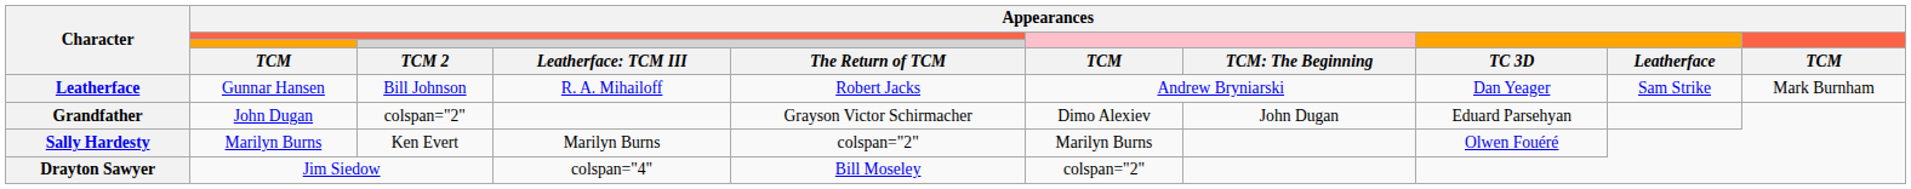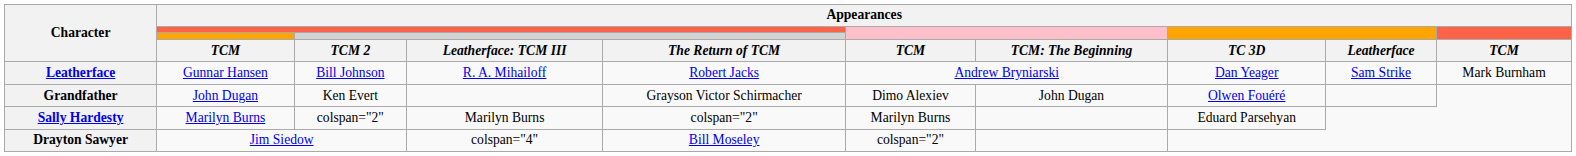 <table class="wikitable" style="text-align:center; width:99%; font-size:85%">
 <tr>
 <th scope="col" rowspan="4">Character</th>
 <th scope="col" colspan="9">Appearances</th>
 </tr>
 <tr>
 <td colspan="4;" style="background-color: tomato;"></td>
 <td rowspan=2 colspan="2;" style="background-color: pink;"></td>
 <td rowspan=2 colspan="2;" style="background-color: orange"></td>
 <td rowspan=2 colspan="4;" style="background-color: tomato;"></td>
 </tr>
 <tr>
 <td rowspan="1;" style="background-color: orange"></td>
 <td rowspan=1 colspan=3 style="background-color: lightgray"></td>
 </tr>
 <tr>
 <th scope="row"><em>TCM</em> </th>
 <th scope="row"><em>TCM 2</em></th>
 <th scope="row"><em>Leatherface: TCM III</em></th>
 <th scope="row"><em>The Return of TCM</em></th>
 <th scope="row"><em>TCM</em> </th>
 <th scope="row"><em>TCM: The Beginning</em></th>
 <th scope="row"><em>TC 3D</em></th>
 <th scope="row"><em>Leatherface</em> </th>
 <th scope="row"><em>TCM</em> </th>
 </tr>
 <tr>
 <th><a href='#'>Leatherface</a></th>
 <td><a href='#'>Gunnar Hansen</a></td>
 <td><a href='#'>Bill Johnson</a></td>
 <td><a href='#'>R. A. Mihailoff</a><br></td>
 <td><a href='#'>Robert Jacks</a></td>
 <td colspan="2"><a href='#'>Andrew Bryniarski</a></td>
 <td><a href='#'>Dan Yeager</a></td>
 <td><a href='#'>Sam Strike</a><br></td>
 <td>Mark Burnham</td>
 </tr>
 <tr>
 <th>Grandfather</th>
 <td><a href='#'>John Dugan</a></td>
-<td>colspan="2" </td>
+<td>Ken Evert</td>
 <td></td>
 <td>Grayson Victor Schirmacher</td>
 <td>Dimo Alexiev</td>
 <td>John Dugan</td>
-<td>Eduard Parsehyan</td>
+<td><a href='#'>Olwen Fouéré</a></td>
 <td></td>
 </tr>
 <tr>
 <th><a href='#'>Sally Hardesty</a></th>
 <td><a href='#'>Marilyn Burns</a></td>
-<td>Ken Evert</td>
+<td>colspan="2" </td>
 <td>Marilyn Burns</td>
 <td>colspan="2" </td>
 <td>Marilyn Burns</td>
 <td></td>
-<td><a href='#'>Olwen Fouéré</a></td>
+<td>Eduard Parsehyan</td>
 </tr>
 <tr>
 <th>Drayton Sawyer</th>
 <td colspan="2"><a href='#'>Jim Siedow</a></td>
 <td>colspan="4" </td>
 <td><a href='#'>Bill Moseley</a></td>
 <td>colspan="2" </td>
 <td></td>
 </tr>
 </table>
